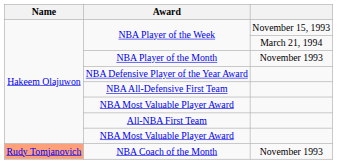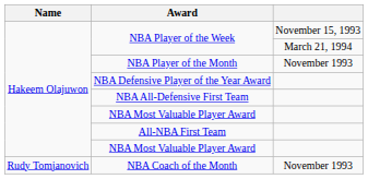 <table class="wikitable sortable sortable" style="text-align: center">
 <tr>
 <th>Name</th>
 <th>Award</th>
 <th></th>
 </tr>
 <tr>
 <td rowspan="8"><a href='#'>Hakeem Olajuwon</a></td>
 <td rowspan="2"><a href='#'>NBA Player of the Week</a></td>
 <td>November 15, 1993</td>
 </tr>
 <tr>
 <td>March 21, 1994</td>
 </tr>
 <tr>
 <td><a href='#'>NBA Player of the Month</a></td>
 <td>November 1993</td>
 </tr>
 <tr>
 <td><a href='#'>NBA Defensive Player of the Year Award</a></td>
 <td></td>
 </tr>
 <tr>
 <td><a href='#'>NBA All-Defensive First Team</a></td>
 <td></td>
 </tr>
 <tr>
 <td><a href='#'>NBA Most Valuable Player Award</a></td>
 <td></td>
 </tr>
 <tr>
 <td><a href='#'>All-NBA First Team</a></td>
 <td></td>
 </tr>
 <tr>
 <td><a href='#'>NBA Most Valuable Player Award</a></td>
 <td></td>
 </tr>
 <tr>
-<td style="background: lightsalmon;"><a href='#'>Rudy Tomjanovich</a></td>
+<td><a href='#'>Rudy Tomjanovich</a></td>
 <td><a href='#'>NBA Coach of the Month</a></td>
 <td>November 1993</td>
 </tr>
 </table>
